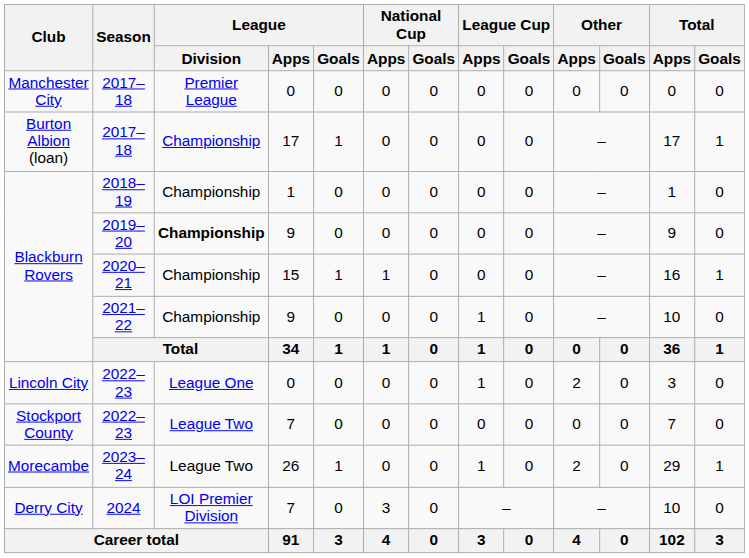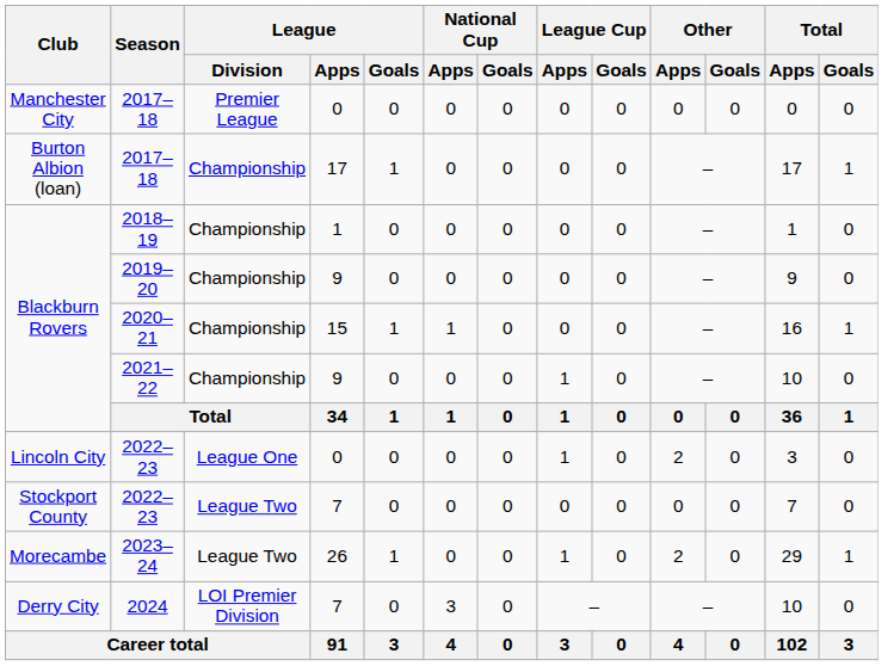 <table class=wikitable style="text-align: center">
 <tr>
 <th rowspan=2>Club</th>
 <th rowspan=2>Season</th>
 <th colspan=3>League</th>
 <th colspan=2>National Cup</th>
 <th colspan=2>League Cup</th>
 <th colspan=2>Other</th>
 <th colspan=2>Total</th>
 </tr>
 <tr>
 <th>Division</th>
 <th>Apps</th>
 <th>Goals</th>
 <th>Apps</th>
 <th>Goals</th>
 <th>Apps</th>
 <th>Goals</th>
 <th>Apps</th>
 <th>Goals</th>
 <th>Apps</th>
 <th>Goals</th>
 </tr>
 <tr>
 <td><a href='#'>Manchester City</a></td>
 <td><a href='#'>2017–18</a></td>
 <td><a href='#'>Premier League</a></td>
 <td>0</td>
 <td>0</td>
 <td>0</td>
 <td>0</td>
 <td>0</td>
 <td>0</td>
 <td>0</td>
 <td>0</td>
 <td>0</td>
 <td>0</td>
 </tr>
 <tr>
 <td><a href='#'>Burton Albion</a> (loan)</td>
 <td><a href='#'>2017–18</a></td>
 <td><a href='#'>Championship</a></td>
 <td>17</td>
 <td>1</td>
 <td>0</td>
 <td>0</td>
 <td>0</td>
 <td>0</td>
 <td colspan="2">–</td>
 <td>17</td>
 <td>1</td>
 </tr>
 <tr>
 <td rowspan=5><a href='#'>Blackburn Rovers</a></td>
 <td><a href='#'>2018–19</a></td>
 <td>Championship</td>
 <td>1</td>
 <td>0</td>
 <td>0</td>
 <td>0</td>
 <td>0</td>
 <td>0</td>
 <td colspan="2">–</td>
 <td>1</td>
 <td>0</td>
 </tr>
 <tr>
 <td><a href='#'>2019–20</a></td>
-<td><strong>Championship</strong></td>
+<td>Championship</td>
 <td>9</td>
 <td>0</td>
 <td>0</td>
 <td>0</td>
 <td>0</td>
 <td>0</td>
 <td colspan="2">–</td>
 <td>9</td>
 <td>0</td>
 </tr>
 <tr>
 <td><a href='#'>2020–21</a></td>
 <td>Championship</td>
 <td>15</td>
 <td>1</td>
 <td>1</td>
 <td>0</td>
 <td>0</td>
 <td>0</td>
 <td colspan="2">–</td>
 <td>16</td>
 <td>1</td>
 </tr>
 <tr>
 <td><a href='#'>2021–22</a></td>
 <td>Championship</td>
 <td>9</td>
 <td>0</td>
 <td>0</td>
 <td>0</td>
 <td>1</td>
 <td>0</td>
 <td colspan="2">–</td>
 <td>10</td>
 <td>0</td>
 </tr>
 <tr>
 <th colspan=2>Total</th>
 <th>34</th>
 <th>1</th>
 <th>1</th>
 <th>0</th>
 <th>1</th>
 <th>0</th>
 <th>0</th>
 <th>0</th>
 <th>36</th>
 <th>1</th>
 </tr>
 <tr>
 <td><a href='#'>Lincoln City</a></td>
 <td><a href='#'>2022–23</a></td>
 <td><a href='#'>League One</a></td>
 <td>0</td>
 <td>0</td>
 <td>0</td>
 <td>0</td>
 <td>1</td>
 <td>0</td>
 <td>2</td>
 <td>0</td>
 <td>3</td>
 <td>0</td>
 </tr>
 <tr>
 <td><a href='#'>Stockport County</a></td>
 <td><a href='#'>2022–23</a></td>
 <td><a href='#'>League Two</a></td>
 <td>7</td>
 <td>0</td>
 <td>0</td>
 <td>0</td>
 <td>0</td>
 <td>0</td>
 <td>0</td>
 <td>0</td>
 <td>7</td>
 <td>0</td>
 </tr>
 <tr>
 <td><a href='#'>Morecambe</a></td>
 <td><a href='#'>2023–24</a></td>
 <td>League Two</td>
 <td>26</td>
 <td>1</td>
 <td>0</td>
 <td>0</td>
 <td>1</td>
 <td>0</td>
 <td>2</td>
 <td>0</td>
 <td>29</td>
 <td>1</td>
 </tr>
 <tr>
 <td><a href='#'>Derry City</a></td>
 <td><a href='#'>2024</a></td>
 <td><a href='#'>LOI Premier Division</a></td>
 <td>7</td>
 <td>0</td>
 <td>3</td>
 <td>0</td>
 <td colspan="2">–</td>
 <td colspan="2">–</td>
 <td>10</td>
 <td>0</td>
 </tr>
 <tr>
 <th colspan=3>Career total</th>
 <th>91</th>
 <th>3</th>
 <th>4</th>
 <th>0</th>
 <th>3</th>
 <th>0</th>
 <th>4</th>
 <th>0</th>
 <th>102</th>
 <th>3</th>
 </tr>
 </table>
